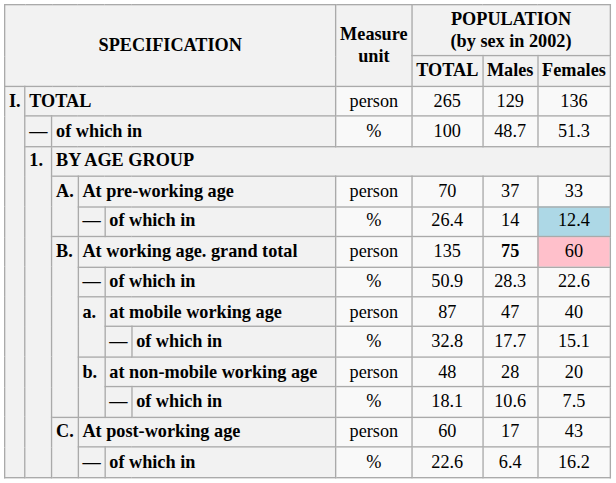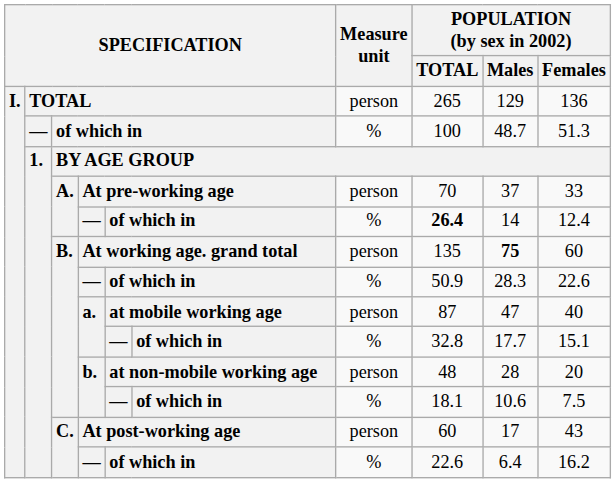 <table class="wikitable" style="font-size:85%; text-align:center">
 <tr>
 <th rowspan="2" colspan="6">SPECIFICATION</th>
 <th rowspan="2">Measure<br> unit</th>
 <th colspan="3" rowspan="1">POPULATION<br> (by sex in 2002)</th>
 </tr>
 <tr>
 <th>TOTAL</th>
 <th>Males</th>
 <th>Females</th>
 </tr>
 <tr>
 <th style="text-align:left" valign="top" rowspan="13">I.</th>
 <th style="text-align:left" colspan="5">TOTAL</th>
 <td>person</td>
 <td>265</td>
 <td>129</td>
 <td>136</td>
 </tr>
 <tr>
 <th style="text-align:left" valign="top">—</th>
 <th style="text-align:left" colspan="4">of which in</th>
 <td>%</td>
 <td>100</td>
 <td>48.7</td>
 <td>51.3</td>
 </tr>
 <tr>
 <th style="text-align:left" valign="top" rowspan="11">1.</th>
 <th style="text-align:left" colspan="19">BY AGE GROUP</th>
 </tr>
 <tr>
 <th style="text-align:left" valign="top" rowspan="2">A.</th>
 <th style="text-align:left" colspan="3">At pre-working age</th>
 <td>person</td>
 <td>70</td>
 <td>37</td>
 <td>33</td>
 </tr>
 <tr>
 <th style="text-align:left" valign="top">—</th>
 <th style="text-align:left" valign="top" colspan="2">of which in</th>
 <td>%</td>
-<td>26.4</td>
+<td><strong>26.4</strong></td>
 <td>14</td>
-<td style="background: lightblue;">12.4</td>
+<td>12.4</td>
 </tr>
 <tr>
 <th style="text-align:left" valign="top" rowspan="6">B.</th>
 <th style="text-align:left" colspan="3">At working age. grand total</th>
 <td>person</td>
 <td>135</td>
 <td><strong>75</strong></td>
-<td style="background: pink;">60</td>
+<td>60</td>
 </tr>
 <tr>
 <th style="text-align:left" valign="top">—</th>
 <th style="text-align:left" valign="top" colspan="2">of which in</th>
 <td>%</td>
 <td>50.9</td>
 <td>28.3</td>
 <td>22.6</td>
 </tr>
 <tr>
 <th style="text-align:left" valign="top" rowspan="2">a.</th>
 <th style="text-align:left" colspan="2">at mobile working age</th>
 <td>person</td>
 <td>87</td>
 <td>47</td>
 <td>40</td>
 </tr>
 <tr>
 <th style="text-align:left" valign="top">—</th>
 <th style="text-align:left" valign="top" colspan="1">of which in                        </th>
 <td>%</td>
 <td>32.8</td>
 <td>17.7</td>
 <td>15.1</td>
 </tr>
 <tr>
 <th style="text-align:left" valign="top" rowspan="2">b.</th>
 <th style="text-align:left" colspan="2">at non-mobile working age</th>
 <td>person</td>
 <td>48</td>
 <td>28</td>
 <td>20</td>
 </tr>
 <tr>
 <th style="text-align:left" valign="top">—</th>
 <th style="text-align:left" valign="top" colspan="1">of which in                        </th>
 <td>%</td>
 <td>18.1</td>
 <td>10.6</td>
 <td>7.5</td>
 </tr>
 <tr>
 <th style="text-align:left" valign="top" rowspan="2">C.</th>
 <th style="text-align:left" colspan="3">At post-working age</th>
 <td>person</td>
 <td>60</td>
 <td>17</td>
 <td>43</td>
 </tr>
 <tr>
 <th style="text-align:left" valign="top">—</th>
 <th style="text-align:left" valign="top" colspan="2">of which in</th>
 <td>%</td>
 <td>22.6</td>
 <td>6.4</td>
 <td>16.2</td>
 </tr>
 </table>
